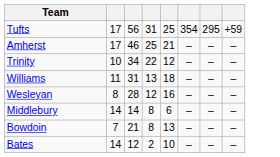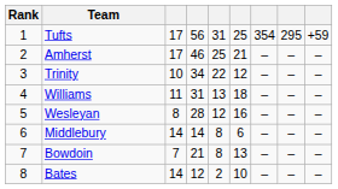 <table class="wikitable sortable" style="text-align:center">
 <tr>
+<th width=20>Rank</th>
 <th width=150>Team</th>
 <th width=20></th>
 <th width=20></th>
 <th width=20></th>
 <th width=20></th>
 <th width=20></th>
 <th width=20></th>
 <th width=20></th>
 </tr>
 <tr>
+<td>1</td>
 <td align=left><a href='#'>Tufts</a></td>
 <td>17</td>
 <td>56</td>
 <td>31</td>
 <td>25</td>
 <td>354</td>
 <td>295</td>
 <td>+59</td>
 </tr>
 <tr>
+<td>2</td>
 <td align=left><a href='#'>Amherst</a></td>
 <td>17</td>
 <td>46</td>
 <td>25</td>
 <td>21</td>
 <td>–</td>
 <td>–</td>
 <td>–</td>
 </tr>
 <tr>
+<td>3</td>
 <td align=left><a href='#'>Trinity</a></td>
 <td>10</td>
 <td>34</td>
 <td>22</td>
 <td>12</td>
 <td>–</td>
 <td>–</td>
 <td>–</td>
 </tr>
 <tr>
+<td>4</td>
 <td align=left><a href='#'>Williams</a></td>
 <td>11</td>
 <td>31</td>
 <td>13</td>
 <td>18</td>
 <td>–</td>
 <td>–</td>
 <td>–</td>
 </tr>
 <tr>
+<td>5</td>
 <td align=left><a href='#'>Wesleyan</a></td>
 <td>8</td>
 <td>28</td>
 <td>12</td>
 <td>16</td>
 <td>–</td>
 <td>–</td>
 <td>–</td>
 </tr>
 <tr>
+<td>6</td>
 <td align=left><a href='#'>Middlebury</a></td>
 <td>14</td>
 <td>14</td>
 <td>8</td>
 <td>6</td>
 <td>–</td>
 <td>–</td>
 <td>–</td>
 </tr>
 <tr>
+<td>7</td>
 <td align=left><a href='#'>Bowdoin</a></td>
 <td>7</td>
 <td>21</td>
 <td>8</td>
 <td>13</td>
 <td>–</td>
 <td>–</td>
 <td>–</td>
 </tr>
 <tr>
+<td>8</td>
 <td align=left><a href='#'>Bates</a></td>
 <td>14</td>
 <td>12</td>
 <td>2</td>
 <td>10</td>
 <td>–</td>
 <td>–</td>
 <td>–</td>
 </tr>
 </table>
